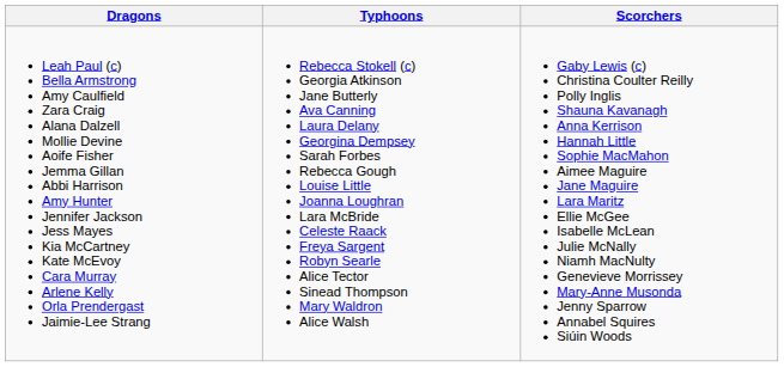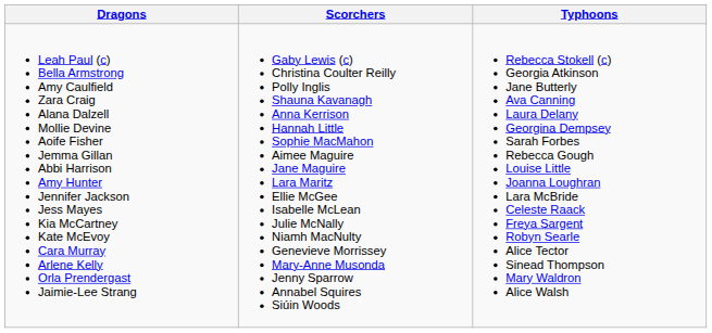 <table class="wikitable">
 <tr>
 <th width=300><a href='#'>Dragons</a></th>
+<th width=300><a href='#'>Scorchers</a></th>
 <th width=300><a href='#'>Typhoons</a></th>
-<th width=300><a href='#'>Scorchers</a></th>
 </tr>
 <tr>
 <td valign=top><br><ul><li><a href='#'>Leah Paul</a> (<a href='#'>c</a>)</li><li><a href='#'>Bella Armstrong</a></li><li>Amy Caulfield</li><li>Zara Craig</li><li>Alana Dalzell</li><li>Mollie Devine</li><li>Aoife Fisher</li><li>Jemma Gillan</li><li>Abbi Harrison</li><li><a href='#'>Amy Hunter</a></li><li>Jennifer Jackson</li><li>Jess Mayes</li><li>Kia McCartney</li><li>Kate McEvoy</li><li><a href='#'>Cara Murray</a></li><li><a href='#'>Arlene Kelly</a></li><li><a href='#'>Orla Prendergast</a></li><li>Jaimie-Lee Strang</li></ul></td>
+<td valign=top><br><ul><li><a href='#'>Gaby Lewis</a> (<a href='#'>c</a>)</li><li>Christina Coulter Reilly</li><li>Polly Inglis</li><li><a href='#'>Shauna Kavanagh</a></li><li><a href='#'>Anna Kerrison</a></li><li><a href='#'>Hannah Little</a></li><li><a href='#'>Sophie MacMahon</a></li><li>Aimee Maguire</li><li><a href='#'>Jane Maguire</a></li><li><a href='#'>Lara Maritz</a></li><li>Ellie McGee</li><li>Isabelle McLean</li><li>Julie McNally</li><li>Niamh MacNulty</li><li>Genevieve Morrissey</li><li><a href='#'>Mary-Anne Musonda</a></li><li>Jenny Sparrow</li><li>Annabel Squires</li><li>Siúin Woods</li></ul></td>
 <td valign=top><br><ul><li><a href='#'>Rebecca Stokell</a> (<a href='#'>c</a>)</li><li>Georgia Atkinson</li><li>Jane Butterly</li><li><a href='#'>Ava Canning</a></li><li><a href='#'>Laura Delany</a></li><li><a href='#'>Georgina Dempsey</a></li><li>Sarah Forbes</li><li>Rebecca Gough</li><li><a href='#'>Louise Little</a></li><li><a href='#'>Joanna Loughran</a></li><li>Lara McBride</li><li><a href='#'>Celeste Raack</a></li><li><a href='#'>Freya Sargent</a></li><li><a href='#'>Robyn Searle</a></li><li>Alice Tector</li><li>Sinead Thompson</li><li><a href='#'>Mary Waldron</a></li><li>Alice Walsh</li></ul></td>
-<td valign=top><br><ul><li><a href='#'>Gaby Lewis</a> (<a href='#'>c</a>)</li><li>Christina Coulter Reilly</li><li>Polly Inglis</li><li><a href='#'>Shauna Kavanagh</a></li><li><a href='#'>Anna Kerrison</a></li><li><a href='#'>Hannah Little</a></li><li><a href='#'>Sophie MacMahon</a></li><li>Aimee Maguire</li><li><a href='#'>Jane Maguire</a></li><li><a href='#'>Lara Maritz</a></li><li>Ellie McGee</li><li>Isabelle McLean</li><li>Julie McNally</li><li>Niamh MacNulty</li><li>Genevieve Morrissey</li><li><a href='#'>Mary-Anne Musonda</a></li><li>Jenny Sparrow</li><li>Annabel Squires</li><li>Siúin Woods</li></ul></td>
 </tr>
 </table>
